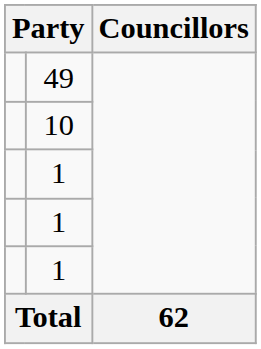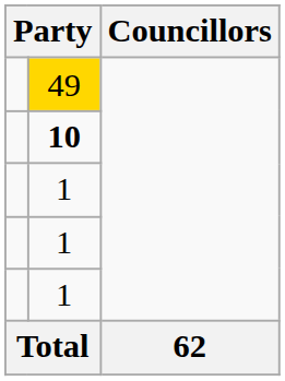 <table class="wikitable">
 <tr>
 <th colspan=2>Party</th>
 <th>Councillors</th>
 </tr>
 <tr>
 <td></td>
-<td align=center>49</td>
+<td align=center style="background: gold;">49</td>
 </tr>
 <tr>
 <td></td>
-<td align=center>10</td>
+<td align=center><strong>10</strong></td>
 </tr>
 <tr>
 <td></td>
 <td align=center>1</td>
 </tr>
 <tr>
 <td></td>
 <td align=center>1</td>
 </tr>
 <tr>
 <td></td>
 <td align=center>1</td>
 </tr>
 <tr>
 <th colspan=2>Total</th>
 <th align=center>62</th>
 </tr>
 </table>
